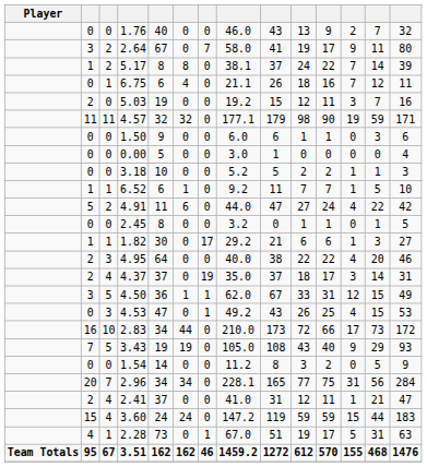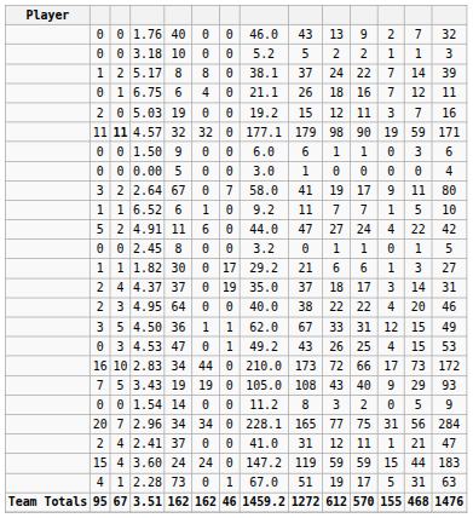 <table class="wikitable sortable" style="text-align:center;">
 <tr>
 <th>Player</th>
 <th></th>
 <th></th>
 <th></th>
 <th></th>
 <th></th>
 <th></th>
 <th></th>
 <th></th>
 <th></th>
 <th></th>
 <th></th>
 <th></th>
 <th></th>
 </tr>
 <tr>
 <td align=left></td>
 <td>0</td>
 <td>0</td>
 <td>1.76</td>
 <td>40</td>
 <td>0</td>
 <td>0</td>
 <td>46.0</td>
 <td>43</td>
 <td>13</td>
 <td>9</td>
 <td>2</td>
 <td>7</td>
 <td>32</td>
 </tr>
 <tr>
 <td align=left></td>
+<td>0</td>
+<td>0</td>
+<td>3.18</td>
+<td>10</td>
+<td>0</td>
+<td>0</td>
+<td>5.2</td>
+<td>5</td>
+<td>2</td>
+<td>2</td>
+<td>1</td>
+<td>1</td>
 <td>3</td>
-<td>2</td>
-<td>2.64</td>
-<td>67</td>
-<td>0</td>
-<td>7</td>
-<td>58.0</td>
-<td>41</td>
-<td>19</td>
-<td>17</td>
-<td>9</td>
-<td>11</td>
-<td>80</td>
 </tr>
 <tr>
 <td align=left></td>
 <td>1</td>
 <td>2</td>
 <td>5.17</td>
 <td>8</td>
 <td>8</td>
 <td>0</td>
 <td>38.1</td>
 <td>37</td>
 <td>24</td>
 <td>22</td>
 <td>7</td>
 <td>14</td>
 <td>39</td>
 </tr>
 <tr>
 <td align=left></td>
 <td>0</td>
 <td>1</td>
 <td>6.75</td>
 <td>6</td>
 <td>4</td>
 <td>0</td>
 <td>21.1</td>
 <td>26</td>
 <td>18</td>
 <td>16</td>
 <td>7</td>
 <td>12</td>
 <td>11</td>
 </tr>
 <tr>
 <td align=left></td>
 <td>2</td>
 <td>0</td>
 <td>5.03</td>
 <td>19</td>
 <td>0</td>
 <td>0</td>
 <td>19.2</td>
 <td>15</td>
 <td>12</td>
 <td>11</td>
 <td>3</td>
 <td>7</td>
 <td>16</td>
 </tr>
 <tr>
 <td align=left></td>
 <td>11</td>
-<td>11</td>
+<td><strong>11</strong></td>
 <td>4.57</td>
 <td>32</td>
 <td>32</td>
 <td>0</td>
 <td>177.1</td>
 <td>179</td>
 <td>98</td>
 <td>90</td>
 <td>19</td>
 <td>59</td>
 <td>171</td>
 </tr>
 <tr>
 <td align=left></td>
 <td>0</td>
 <td>0</td>
 <td>1.50</td>
 <td>9</td>
 <td>0</td>
 <td>0</td>
 <td>6.0</td>
 <td>6</td>
 <td>1</td>
 <td>1</td>
 <td>0</td>
 <td>3</td>
 <td>6</td>
 </tr>
 <tr>
 <td align=left></td>
 <td>0</td>
 <td>0</td>
 <td>0.00</td>
 <td>5</td>
 <td>0</td>
 <td>0</td>
 <td>3.0</td>
 <td>1</td>
 <td>0</td>
 <td>0</td>
 <td>0</td>
 <td>0</td>
 <td>4</td>
 </tr>
 <tr>
 <td align=left></td>
+<td>3</td>
+<td>2</td>
+<td>2.64</td>
+<td>67</td>
 <td>0</td>
-<td>0</td>
-<td>3.18</td>
-<td>10</td>
-<td>0</td>
-<td>0</td>
-<td>5.2</td>
-<td>5</td>
-<td>2</td>
-<td>2</td>
-<td>1</td>
-<td>1</td>
-<td>3</td>
+<td>7</td>
+<td>58.0</td>
+<td>41</td>
+<td>19</td>
+<td>17</td>
+<td>9</td>
+<td>11</td>
+<td>80</td>
 </tr>
 <tr>
 <td align=left></td>
 <td>1</td>
 <td>1</td>
 <td>6.52</td>
 <td>6</td>
 <td>1</td>
 <td>0</td>
 <td>9.2</td>
 <td>11</td>
 <td>7</td>
 <td>7</td>
 <td>1</td>
 <td>5</td>
 <td>10</td>
 </tr>
 <tr>
 <td align=left></td>
 <td>5</td>
 <td>2</td>
 <td>4.91</td>
 <td>11</td>
 <td>6</td>
 <td>0</td>
 <td>44.0</td>
 <td>47</td>
 <td>27</td>
 <td>24</td>
 <td>4</td>
 <td>22</td>
 <td>42</td>
 </tr>
 <tr>
 <td align=left></td>
 <td>0</td>
 <td>0</td>
 <td>2.45</td>
 <td>8</td>
 <td>0</td>
 <td>0</td>
 <td>3.2</td>
 <td>0</td>
 <td>1</td>
 <td>1</td>
 <td>0</td>
 <td>1</td>
 <td>5</td>
 </tr>
 <tr>
 <td align=left></td>
 <td>1</td>
 <td>1</td>
 <td>1.82</td>
 <td>30</td>
 <td>0</td>
 <td>17</td>
 <td>29.2</td>
 <td>21</td>
 <td>6</td>
 <td>6</td>
 <td>1</td>
 <td>3</td>
 <td>27</td>
 </tr>
 <tr>
 <td align=left></td>
 <td>2</td>
+<td>4</td>
+<td>4.37</td>
+<td>37</td>
+<td>0</td>
+<td>19</td>
+<td>35.0</td>
+<td>37</td>
+<td>18</td>
+<td>17</td>
+<td>3</td>
+<td>14</td>
+<td>31</td>
+</tr>
+<tr>
+<td align=left></td>
+<td>2</td>
 <td>3</td>
 <td>4.95</td>
 <td>64</td>
 <td>0</td>
 <td>0</td>
 <td>40.0</td>
 <td>38</td>
 <td>22</td>
 <td>22</td>
 <td>4</td>
 <td>20</td>
 <td>46</td>
-</tr>
-<tr>
-<td align=left></td>
-<td>2</td>
-<td>4</td>
-<td>4.37</td>
-<td>37</td>
-<td>0</td>
-<td>19</td>
-<td>35.0</td>
-<td>37</td>
-<td>18</td>
-<td>17</td>
-<td>3</td>
-<td>14</td>
-<td>31</td>
 </tr>
 <tr>
 <td align=left></td>
 <td>3</td>
 <td>5</td>
 <td>4.50</td>
 <td>36</td>
 <td>1</td>
 <td>1</td>
 <td>62.0</td>
 <td>67</td>
 <td>33</td>
 <td>31</td>
 <td>12</td>
 <td>15</td>
 <td>49</td>
 </tr>
 <tr>
 <td align=left></td>
 <td>0</td>
 <td>3</td>
 <td>4.53</td>
 <td>47</td>
 <td>0</td>
 <td>1</td>
 <td>49.2</td>
 <td>43</td>
 <td>26</td>
 <td>25</td>
 <td>4</td>
 <td>15</td>
 <td>53</td>
 </tr>
 <tr>
 <td align=left></td>
 <td>16</td>
 <td>10</td>
 <td>2.83</td>
 <td>34</td>
 <td>44</td>
 <td>0</td>
 <td>210.0</td>
 <td>173</td>
 <td>72</td>
 <td>66</td>
 <td>17</td>
 <td>73</td>
 <td>172</td>
 </tr>
 <tr>
 <td align=left></td>
 <td>7</td>
 <td>5</td>
 <td>3.43</td>
 <td>19</td>
 <td>19</td>
 <td>0</td>
 <td>105.0</td>
 <td>108</td>
 <td>43</td>
 <td>40</td>
 <td>9</td>
 <td>29</td>
 <td>93</td>
 </tr>
 <tr>
 <td align=left></td>
 <td>0</td>
 <td>0</td>
 <td>1.54</td>
 <td>14</td>
 <td>0</td>
 <td>0</td>
 <td>11.2</td>
 <td>8</td>
 <td>3</td>
 <td>2</td>
 <td>0</td>
 <td>5</td>
 <td>9</td>
 </tr>
 <tr>
 <td align=left></td>
 <td>20</td>
 <td>7</td>
 <td>2.96</td>
 <td>34</td>
 <td>34</td>
 <td>0</td>
 <td>228.1</td>
 <td>165</td>
 <td>77</td>
 <td>75</td>
 <td>31</td>
 <td>56</td>
 <td>284</td>
 </tr>
 <tr>
 <td align=left></td>
 <td>2</td>
 <td>4</td>
 <td>2.41</td>
 <td>37</td>
 <td>0</td>
 <td>0</td>
 <td>41.0</td>
 <td>31</td>
 <td>12</td>
 <td>11</td>
 <td>1</td>
 <td>21</td>
 <td>47</td>
 </tr>
 <tr>
 <td align=left></td>
 <td>15</td>
 <td>4</td>
 <td>3.60</td>
 <td>24</td>
 <td>24</td>
 <td>0</td>
 <td>147.2</td>
 <td>119</td>
 <td>59</td>
 <td>59</td>
 <td>15</td>
 <td>44</td>
 <td>183</td>
 </tr>
 <tr>
 <td align=left></td>
 <td>4</td>
 <td>1</td>
 <td>2.28</td>
 <td>73</td>
 <td>0</td>
 <td>1</td>
 <td>67.0</td>
 <td>51</td>
 <td>19</td>
 <td>17</td>
 <td>5</td>
 <td>31</td>
 <td>63</td>
 </tr>
 <tr>
 <td align=left><strong>Team Totals</strong></td>
 <td><strong>95</strong></td>
 <td><strong>67</strong></td>
 <td><strong>3.51</strong></td>
 <td><strong>162</strong></td>
 <td><strong>162</strong></td>
 <td><strong>46</strong></td>
 <td><strong>1459.2</strong></td>
 <td><strong>1272</strong></td>
 <td><strong>612</strong></td>
 <td><strong>570</strong></td>
 <td><strong>155</strong></td>
 <td><strong>468</strong></td>
 <td><strong>1476</strong></td>
 </tr>
 <tr class=="sortbottom">
 </tr>
 </table>
